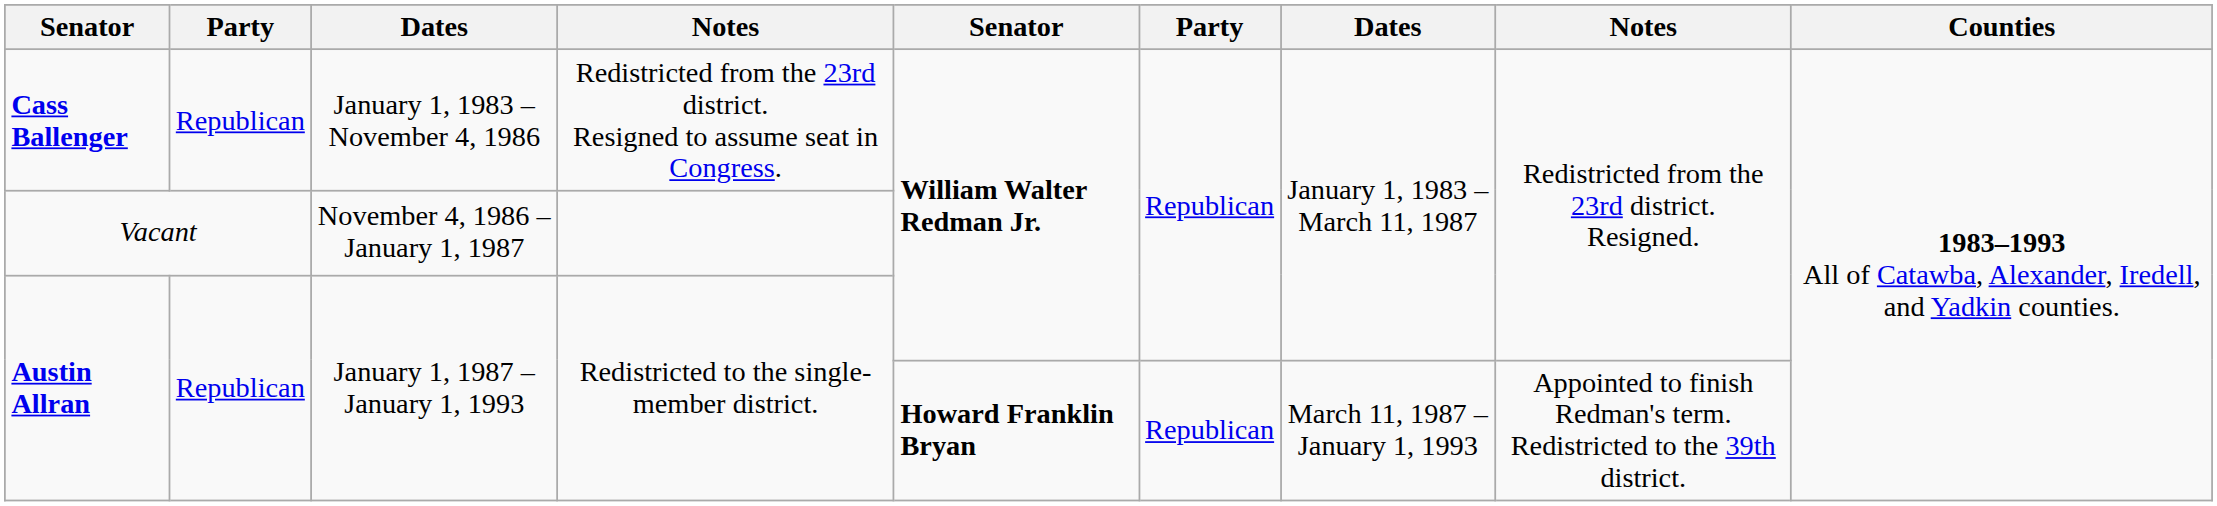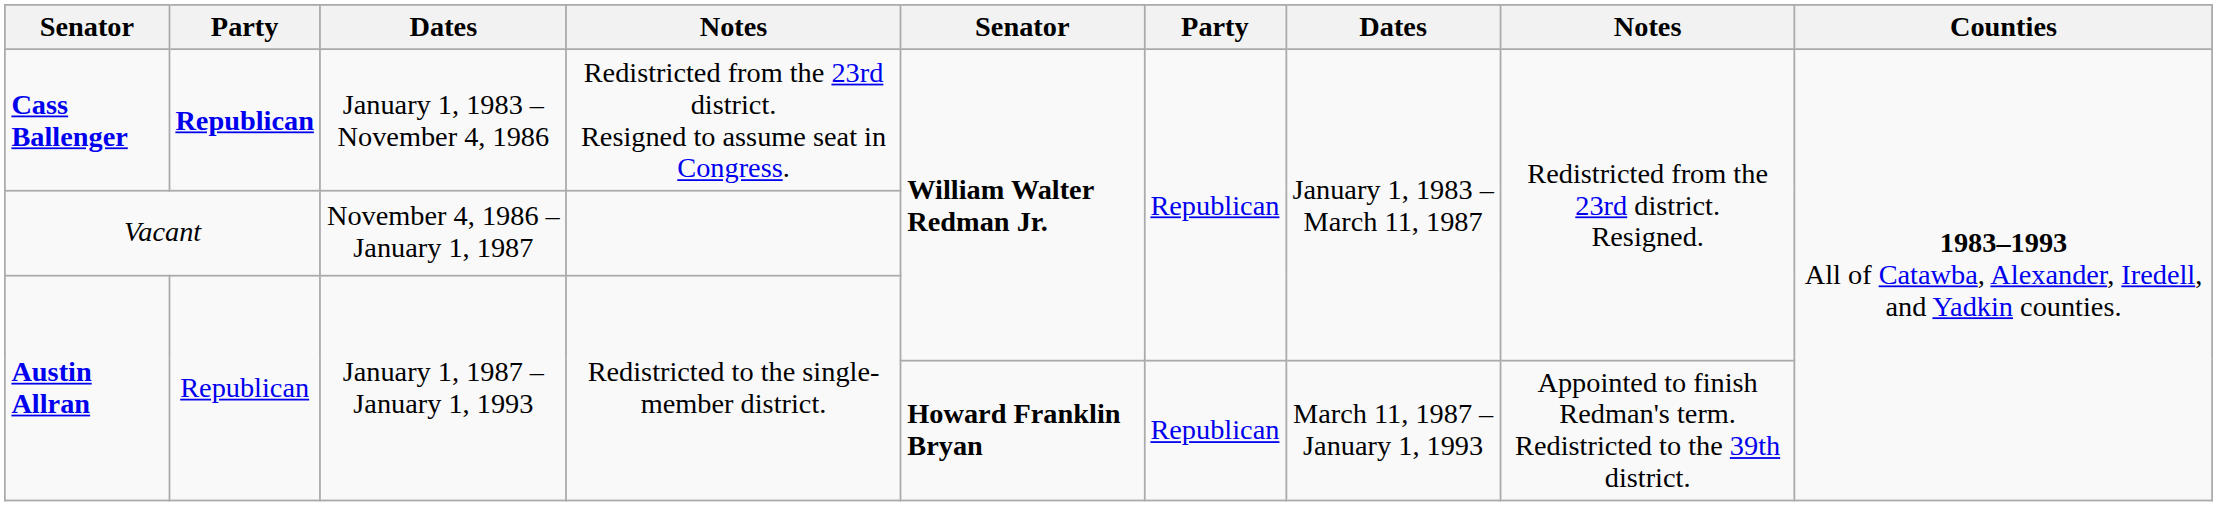 <table class=wikitable style="text-align:center">
 <tr>
 <th>Senator</th>
 <th>Party</th>
 <th>Dates</th>
 <th>Notes</th>
 <th>Senator</th>
 <th>Party</th>
 <th>Dates</th>
 <th>Notes</th>
 <th>Counties</th>
 </tr>
 <tr style="height:3em">
 <td align=left><strong><a href='#'>Cass Ballenger</a></strong></td>
-<td><a href='#'>Republican</a></td>
+<td><strong><a href='#'>Republican</a></strong></td>
 <td nowrap>January 1, 1983 – <br> November 4, 1986</td>
 <td>Redistricted from the <a href='#'>23rd</a> district. <br> Resigned to assume seat in <a href='#'>Congress</a>.</td>
 <td rowspan=3 align=left><strong>William Walter Redman Jr.</strong></td>
 <td rowspan=3 ><a href='#'>Republican</a></td>
 <td rowspan=3 nowrap>January 1, 1983 – <br> March 11, 1987</td>
 <td rowspan=3>Redistricted from the <a href='#'>23rd</a> district. <br> Resigned.</td>
 <td rowspan=4><strong>1983–1993</strong><br> All of <a href='#'>Catawba</a>, <a href='#'>Alexander</a>, <a href='#'>Iredell</a>, and <a href='#'>Yadkin</a> counties.</td>
 </tr>
 <tr style="height:3em">
 <td colspan=2><em>Vacant</em></td>
 <td nowrap>November 4, 1986 – <br> January 1, 1987</td>
 <td></td>
 </tr>
 <tr style="height:3em">
 <td rowspan=2 align=left><strong><a href='#'>Austin Allran</a></strong></td>
 <td rowspan=2 ><a href='#'>Republican</a></td>
 <td rowspan=2 nowrap>January 1, 1987 – <br> January 1, 1993</td>
 <td rowspan=2>Redistricted to the single-member district.</td>
 </tr>
 <tr style="height:3em">
 <td align=left><strong>Howard Franklin Bryan</strong></td>
 <td><a href='#'>Republican</a></td>
 <td nowrap>March 11, 1987 – <br> January 1, 1993</td>
 <td>Appointed to finish Redman's term. <br> Redistricted to the <a href='#'>39th</a> district.</td>
 </tr>
 </table>
